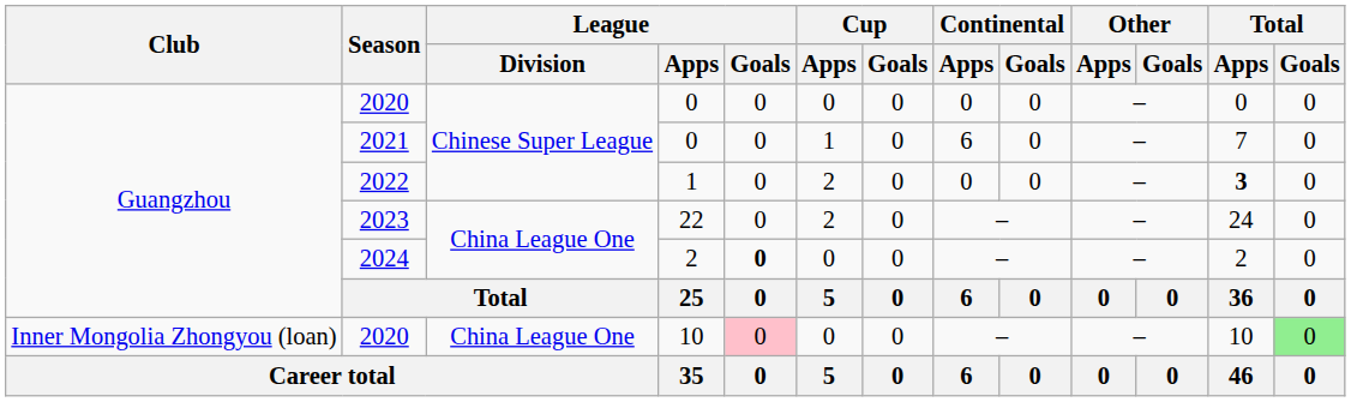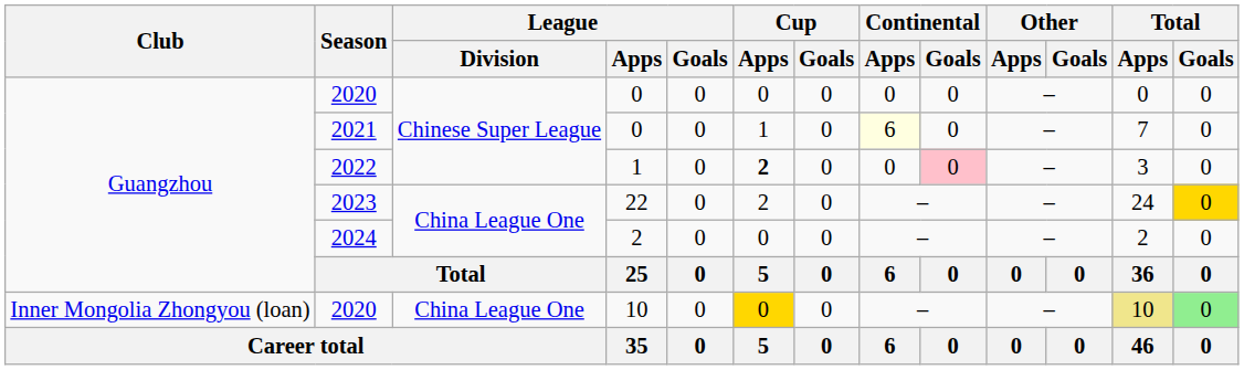 <table class="wikitable" style="text-align: center">
 <tr>
 <th rowspan="2">Club</th>
 <th rowspan="2">Season</th>
 <th colspan="3">League</th>
 <th colspan="2">Cup</th>
 <th colspan="2">Continental</th>
 <th colspan="2">Other</th>
 <th colspan="2">Total</th>
 </tr>
 <tr>
 <th>Division</th>
 <th>Apps</th>
 <th>Goals</th>
 <th>Apps</th>
 <th>Goals</th>
 <th>Apps</th>
 <th>Goals</th>
 <th>Apps</th>
 <th>Goals</th>
 <th>Apps</th>
 <th>Goals</th>
 </tr>
 <tr>
 <td rowspan="6"><a href='#'>Guangzhou</a></td>
 <td><a href='#'>2020</a></td>
 <td rowspan="3"><a href='#'>Chinese Super League</a></td>
 <td>0</td>
 <td>0</td>
 <td>0</td>
 <td>0</td>
 <td>0</td>
 <td>0</td>
 <td colspan="2">–</td>
 <td>0</td>
 <td>0</td>
 </tr>
 <tr>
 <td><a href='#'>2021</a></td>
 <td>0</td>
 <td>0</td>
 <td>1</td>
 <td>0</td>
-<td>6</td>
+<td style="background: lightyellow;">6</td>
 <td>0</td>
 <td colspan="2">–</td>
 <td>7</td>
 <td>0</td>
 </tr>
 <tr>
 <td><a href='#'>2022</a></td>
 <td>1</td>
 <td>0</td>
-<td>2</td>
+<td><strong>2</strong></td>
 <td>0</td>
 <td>0</td>
-<td>0</td>
+<td style="background: pink;">0</td>
 <td colspan="2">–</td>
-<td><strong>3</strong></td>
+<td>3</td>
 <td>0</td>
 </tr>
 <tr>
 <td><a href='#'>2023</a></td>
 <td rowspan=2><a href='#'>China League One</a></td>
 <td>22</td>
 <td>0</td>
 <td>2</td>
 <td>0</td>
 <td colspan="2">–</td>
 <td colspan="2">–</td>
 <td>24</td>
-<td>0</td>
+<td style="background: gold;">0</td>
 </tr>
 <tr>
 <td><a href='#'>2024</a></td>
 <td>2</td>
-<td><strong>0</strong></td>
+<td>0</td>
 <td>0</td>
 <td>0</td>
 <td colspan="2">–</td>
 <td colspan="2">–</td>
 <td>2</td>
 <td>0</td>
 </tr>
 <tr>
 <th colspan=2>Total</th>
 <th>25</th>
 <th>0</th>
 <th>5</th>
 <th>0</th>
 <th>6</th>
 <th>0</th>
 <th>0</th>
 <th>0</th>
 <th>36</th>
 <th>0</th>
 </tr>
 <tr>
 <td><a href='#'>Inner Mongolia Zhongyou</a> (loan)</td>
 <td><a href='#'>2020</a></td>
 <td><a href='#'>China League One</a></td>
 <td>10</td>
-<td style="background: pink;">0</td>
 <td>0</td>
+<td style="background: gold;">0</td>
 <td>0</td>
 <td colspan="2">–</td>
 <td colspan="2">–</td>
-<td>10</td>
+<td style="background: khaki;">10</td>
 <td style="background: lightgreen;">0</td>
 </tr>
 <tr>
 <th colspan=3>Career total</th>
 <th>35</th>
 <th>0</th>
 <th>5</th>
 <th>0</th>
 <th>6</th>
 <th>0</th>
 <th>0</th>
 <th>0</th>
 <th>46</th>
 <th>0</th>
 </tr>
 </table>
